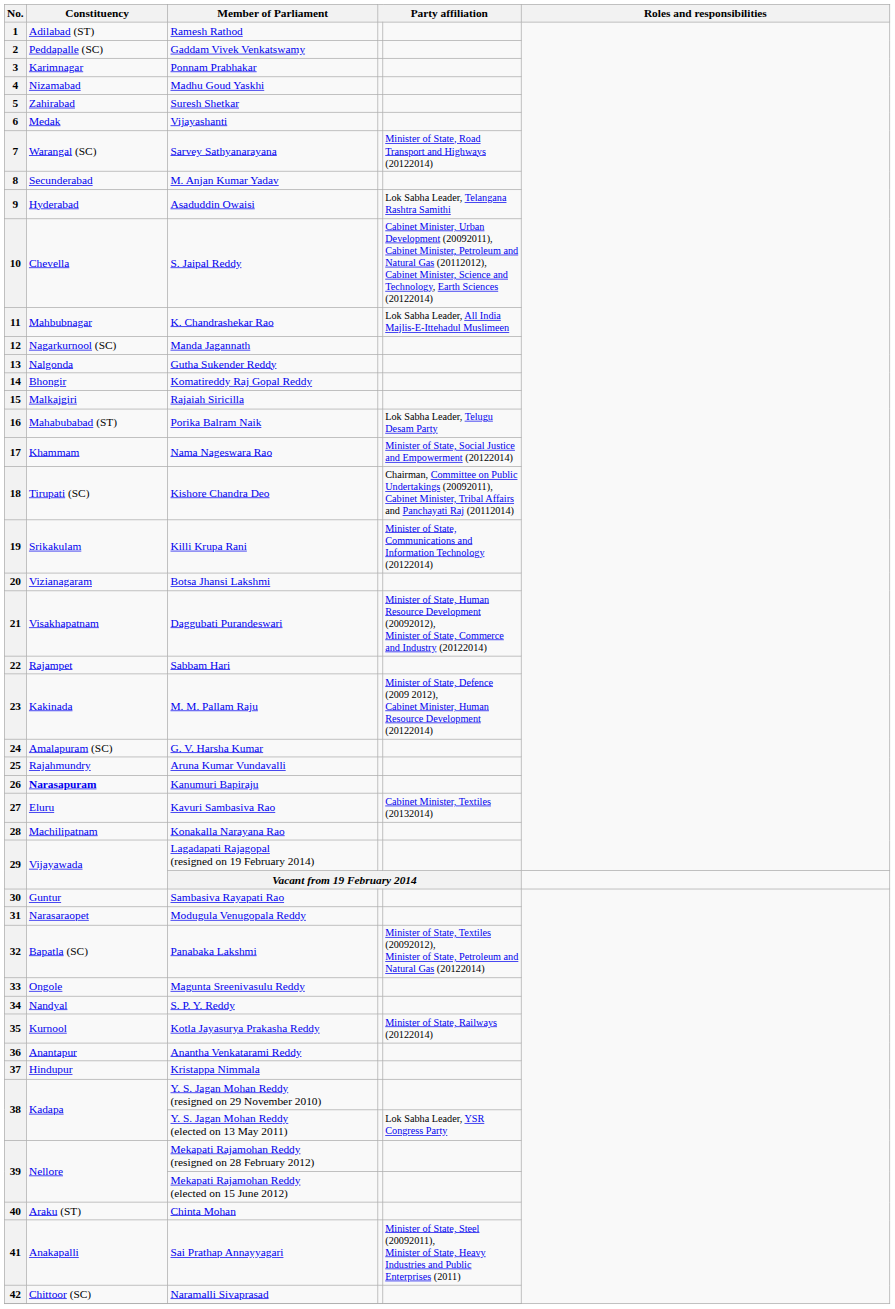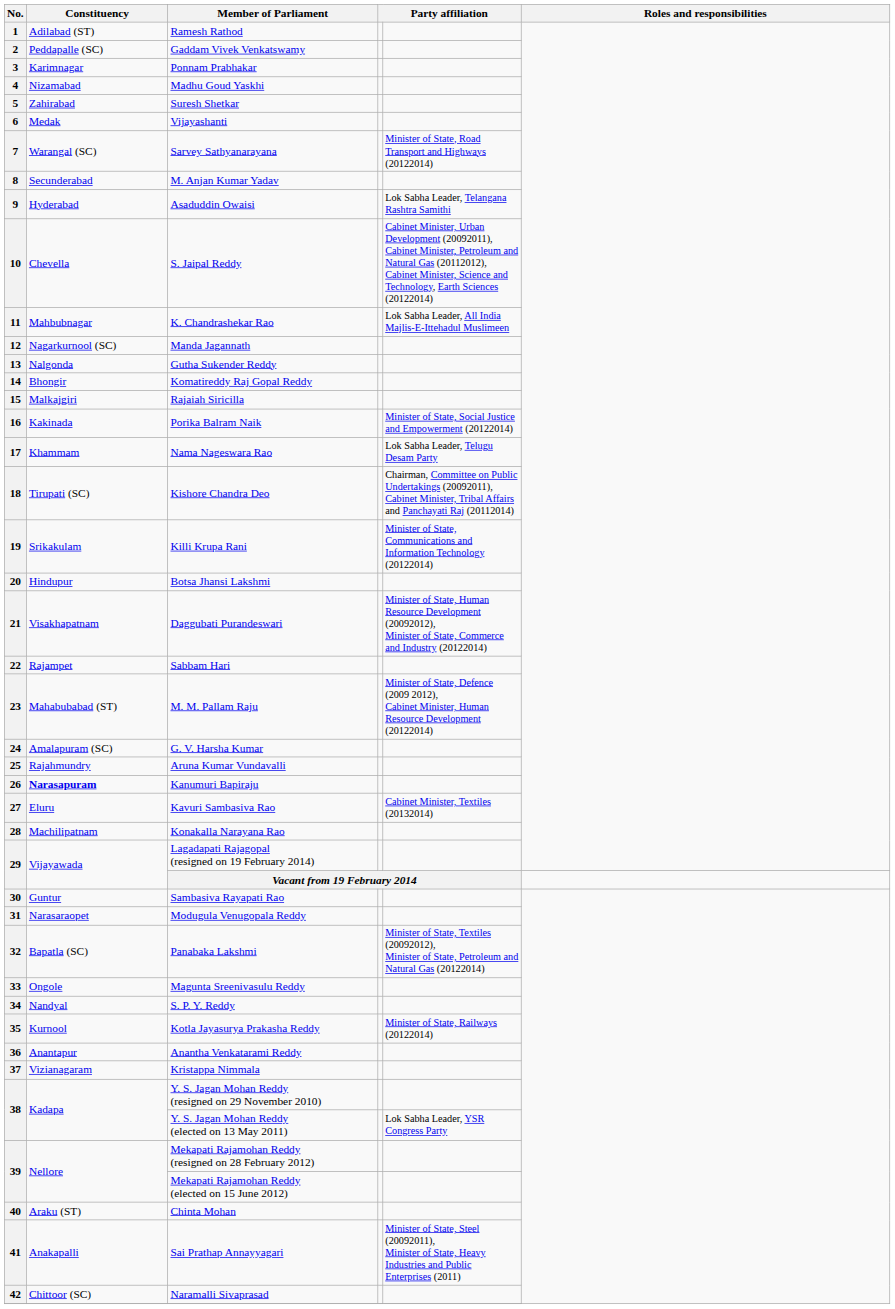 <table class="wikitable">
 <tr style="text-align:center;">
 <th>No.</th>
 <th style="width:12em">Constituency</th>
 <th style="width:18em">Member of Parliament</th>
 <th colspan="2" style="width:18em">Party affiliation</th>
 <th style="width:32em">Roles and responsibilities</th>
 </tr>
 <tr>
 <th>1</th>
 <td><a href='#'>Adilabad</a> (ST)</td>
 <td><a href='#'>Ramesh Rathod</a></td>
 <td></td>
 <td></td>
 </tr>
 <tr>
 <th>2</th>
 <td><a href='#'>Peddapalle</a> (SC)</td>
 <td><a href='#'>Gaddam Vivek Venkatswamy</a></td>
 <td></td>
 <td></td>
 </tr>
 <tr>
 <th>3</th>
 <td><a href='#'>Karimnagar</a></td>
 <td><a href='#'>Ponnam Prabhakar</a></td>
 <td></td>
 <td></td>
 </tr>
 <tr>
 <th>4</th>
 <td><a href='#'>Nizamabad</a></td>
 <td><a href='#'>Madhu Goud Yaskhi</a></td>
 <td></td>
 <td></td>
 </tr>
 <tr>
 <th>5</th>
 <td><a href='#'>Zahirabad</a></td>
 <td><a href='#'>Suresh Shetkar</a></td>
 <td></td>
 <td></td>
 </tr>
 <tr>
 <th>6</th>
 <td><a href='#'>Medak</a></td>
 <td><a href='#'>Vijayashanti</a></td>
 <td></td>
 <td></td>
 </tr>
 <tr>
 <th>7</th>
 <td><a href='#'>Warangal</a> (SC)</td>
 <td><a href='#'>Sarvey Sathyanarayana</a></td>
 <td></td>
 <td style="font-size:90%"><a href='#'>Minister of State, Road Transport and Highways</a> (20122014)</td>
 </tr>
 <tr>
 <th>8</th>
 <td><a href='#'>Secunderabad</a></td>
 <td><a href='#'>M. Anjan Kumar Yadav</a></td>
 <td></td>
 <td></td>
 </tr>
 <tr>
 <th>9</th>
 <td><a href='#'>Hyderabad</a></td>
 <td><a href='#'>Asaduddin Owaisi</a></td>
 <td></td>
 <td style="font-size:90%">Lok Sabha Leader, <a href='#'>Telangana Rashtra Samithi</a></td>
 </tr>
 <tr>
 <th>10</th>
 <td><a href='#'>Chevella</a></td>
 <td><a href='#'>S. Jaipal Reddy</a></td>
 <td></td>
 <td style="font-size:90%"><a href='#'>Cabinet Minister, Urban Development</a> (20092011),<br><a href='#'>Cabinet Minister, Petroleum and Natural Gas</a> (20112012),<br><a href='#'>Cabinet Minister, Science and Technology</a>, <a href='#'>Earth Sciences</a> (20122014)</td>
 </tr>
 <tr>
 <th>11</th>
 <td><a href='#'>Mahbubnagar</a></td>
 <td><a href='#'>K. Chandrashekar Rao</a></td>
 <td></td>
 <td style="font-size:90%">Lok Sabha Leader, <a href='#'>All India Majlis-E-Ittehadul Muslimeen</a></td>
 </tr>
 <tr>
 <th>12</th>
 <td><a href='#'>Nagarkurnool</a> (SC)</td>
 <td><a href='#'>Manda Jagannath</a></td>
 <td></td>
 <td></td>
 </tr>
 <tr>
 <th>13</th>
 <td><a href='#'>Nalgonda</a></td>
 <td><a href='#'>Gutha Sukender Reddy</a></td>
 <td></td>
 <td></td>
 </tr>
 <tr>
 <th>14</th>
 <td><a href='#'>Bhongir</a></td>
 <td><a href='#'>Komatireddy Raj Gopal Reddy</a></td>
 <td></td>
 <td></td>
 </tr>
 <tr>
 <th>15</th>
 <td><a href='#'>Malkajgiri</a></td>
 <td><a href='#'>Rajaiah Siricilla</a></td>
 <td></td>
 <td></td>
 </tr>
 <tr>
 <th>16</th>
-<td><a href='#'>Mahabubabad</a> (ST)</td>
+<td><a href='#'>Kakinada</a></td>
 <td><a href='#'>Porika Balram Naik</a></td>
 <td></td>
-<td style="font-size:90%">Lok Sabha Leader, <a href='#'>Telugu Desam Party</a></td>
+<td style="font-size:90%"><a href='#'>Minister of State, Social Justice and Empowerment</a> (20122014)</td>
 </tr>
 <tr>
 <th>17</th>
 <td><a href='#'>Khammam</a></td>
 <td><a href='#'>Nama Nageswara Rao</a></td>
 <td></td>
-<td style="font-size:90%"><a href='#'>Minister of State, Social Justice and Empowerment</a> (20122014)</td>
+<td style="font-size:90%">Lok Sabha Leader, <a href='#'>Telugu Desam Party</a></td>
 </tr>
 <tr>
 <th>18</th>
 <td><a href='#'>Tirupati</a> (SC)</td>
 <td><a href='#'>Kishore Chandra Deo</a></td>
 <td></td>
 <td style="font-size:90%">Chairman, <a href='#'>Committee on Public Undertakings</a> (20092011),<br><a href='#'>Cabinet Minister, Tribal Affairs</a> and <a href='#'>Panchayati Raj</a> (20112014)</td>
 </tr>
 <tr>
 <th>19</th>
 <td><a href='#'>Srikakulam</a></td>
 <td><a href='#'>Killi Krupa Rani</a></td>
 <td></td>
 <td style="font-size:90%"><a href='#'>Minister of State, Communications and Information Technology</a> (20122014)</td>
 </tr>
 <tr>
 <th>20</th>
-<td><a href='#'>Vizianagaram</a></td>
+<td><a href='#'>Hindupur</a></td>
 <td><a href='#'>Botsa Jhansi Lakshmi</a></td>
 <td></td>
 <td></td>
 </tr>
 <tr>
 <th>21</th>
 <td><a href='#'>Visakhapatnam</a></td>
 <td><a href='#'>Daggubati Purandeswari</a></td>
 <td></td>
 <td style="font-size:90%"><a href='#'>Minister of State, Human Resource Development</a> (20092012),<br><a href='#'>Minister of State, Commerce and Industry</a> (20122014)</td>
 </tr>
 <tr>
 <th>22</th>
 <td><a href='#'>Rajampet</a></td>
 <td><a href='#'>Sabbam Hari</a></td>
 <td></td>
 <td></td>
 </tr>
 <tr>
 <th>23</th>
-<td><a href='#'>Kakinada</a></td>
+<td><a href='#'>Mahabubabad</a> (ST)</td>
 <td><a href='#'>M. M. Pallam Raju</a></td>
 <td></td>
 <td style="font-size:90%"><a href='#'>Minister of State, Defence</a> (2009  2012),<br><a href='#'>Cabinet Minister, Human Resource Development</a> (20122014)</td>
 </tr>
 <tr>
 <th>24</th>
 <td><a href='#'>Amalapuram</a> (SC)</td>
 <td><a href='#'>G. V. Harsha Kumar</a></td>
 <td></td>
 <td></td>
 </tr>
 <tr>
 <th>25</th>
 <td><a href='#'>Rajahmundry</a></td>
 <td><a href='#'>Aruna Kumar Vundavalli</a></td>
 <td></td>
 <td></td>
 </tr>
 <tr>
 <th>26</th>
 <td><strong><a href='#'>Narasapuram</a></strong></td>
 <td><a href='#'>Kanumuri Bapiraju</a></td>
 <td></td>
 <td></td>
 </tr>
 <tr>
 <th>27</th>
 <td><a href='#'>Eluru</a></td>
 <td><a href='#'>Kavuri Sambasiva Rao</a></td>
 <td></td>
 <td style="font-size:90%"><a href='#'>Cabinet Minister, Textiles</a> (20132014)</td>
 </tr>
 <tr>
 <th>28</th>
 <td><a href='#'>Machilipatnam</a></td>
 <td><a href='#'>Konakalla Narayana Rao</a></td>
 <td></td>
 <td></td>
 </tr>
 <tr>
 <th rowspan="2">29</th>
 <td rowspan="2"><a href='#'>Vijayawada</a></td>
 <td><a href='#'>Lagadapati Rajagopal</a><br>(resigned on 19 February 2014)</td>
 <td></td>
 <td></td>
 </tr>
 <tr>
 <th colspan="3"><em>Vacant from 19 February 2014</em></th>
 <td></td>
 </tr>
 <tr>
 <th>30</th>
 <td><a href='#'>Guntur</a></td>
 <td><a href='#'>Sambasiva Rayapati Rao</a></td>
 <td></td>
 <td></td>
 </tr>
 <tr>
 <th>31</th>
 <td><a href='#'>Narasaraopet</a></td>
 <td><a href='#'>Modugula Venugopala Reddy</a></td>
 <td></td>
 <td></td>
 </tr>
 <tr>
 <th>32</th>
 <td><a href='#'>Bapatla</a> (SC)</td>
 <td><a href='#'>Panabaka Lakshmi</a></td>
 <td></td>
 <td style="font-size:90%"><a href='#'>Minister of State, Textiles</a> (20092012),<br><a href='#'>Minister of State, Petroleum and Natural Gas</a> (20122014)</td>
 </tr>
 <tr>
 <th>33</th>
 <td><a href='#'>Ongole</a></td>
 <td><a href='#'>Magunta Sreenivasulu Reddy</a></td>
 <td></td>
 <td></td>
 </tr>
 <tr>
 <th>34</th>
 <td><a href='#'>Nandyal</a></td>
 <td><a href='#'>S. P. Y. Reddy</a></td>
 <td></td>
 <td></td>
 </tr>
 <tr>
 <th>35</th>
 <td><a href='#'>Kurnool</a></td>
 <td><a href='#'>Kotla Jayasurya Prakasha Reddy</a></td>
 <td></td>
 <td style="font-size:90%"><a href='#'>Minister of State, Railways</a> (20122014)</td>
 </tr>
 <tr>
 <th>36</th>
 <td><a href='#'>Anantapur</a></td>
 <td><a href='#'>Anantha Venkatarami Reddy</a></td>
 <td></td>
 <td></td>
 </tr>
 <tr>
 <th>37</th>
-<td><a href='#'>Hindupur</a></td>
+<td><a href='#'>Vizianagaram</a></td>
 <td><a href='#'>Kristappa Nimmala</a></td>
 <td></td>
 <td></td>
 </tr>
 <tr>
 <th rowspan="2">38</th>
 <td rowspan="2"><a href='#'>Kadapa</a></td>
 <td><a href='#'>Y. S. Jagan Mohan Reddy</a><br>(resigned on 29 November 2010)</td>
 <td></td>
 <td></td>
 </tr>
 <tr>
 <td><a href='#'>Y. S. Jagan Mohan Reddy</a><br>(elected on 13 May 2011)</td>
 <td></td>
 <td style="font-size:90%">Lok Sabha Leader, <a href='#'>YSR Congress Party</a></td>
 </tr>
 <tr>
 <th rowspan="2">39</th>
 <td rowspan="2"><a href='#'>Nellore</a></td>
 <td><a href='#'>Mekapati Rajamohan Reddy</a><br>(resigned on 28 February 2012)</td>
 <td></td>
 <td></td>
 </tr>
 <tr>
 <td><a href='#'>Mekapati Rajamohan Reddy</a><br>(elected on 15 June 2012)</td>
 <td></td>
 <td></td>
 </tr>
 <tr>
 <th>40</th>
 <td><a href='#'>Araku</a> (ST)</td>
 <td><a href='#'>Chinta Mohan</a></td>
 <td></td>
 <td></td>
 </tr>
 <tr>
 <th>41</th>
 <td><a href='#'>Anakapalli</a></td>
 <td><a href='#'>Sai Prathap Annayyagari</a></td>
 <td></td>
 <td style="font-size:90%"><a href='#'>Minister of State, Steel</a> (20092011),<br><a href='#'>Minister of State, Heavy Industries and Public Enterprises</a> (2011)</td>
 </tr>
 <tr>
 <th>42</th>
 <td><a href='#'>Chittoor</a> (SC)</td>
 <td><a href='#'>Naramalli Sivaprasad</a></td>
 <td></td>
 <td></td>
 </tr>
 <tr>
 </tr>
 </table>
